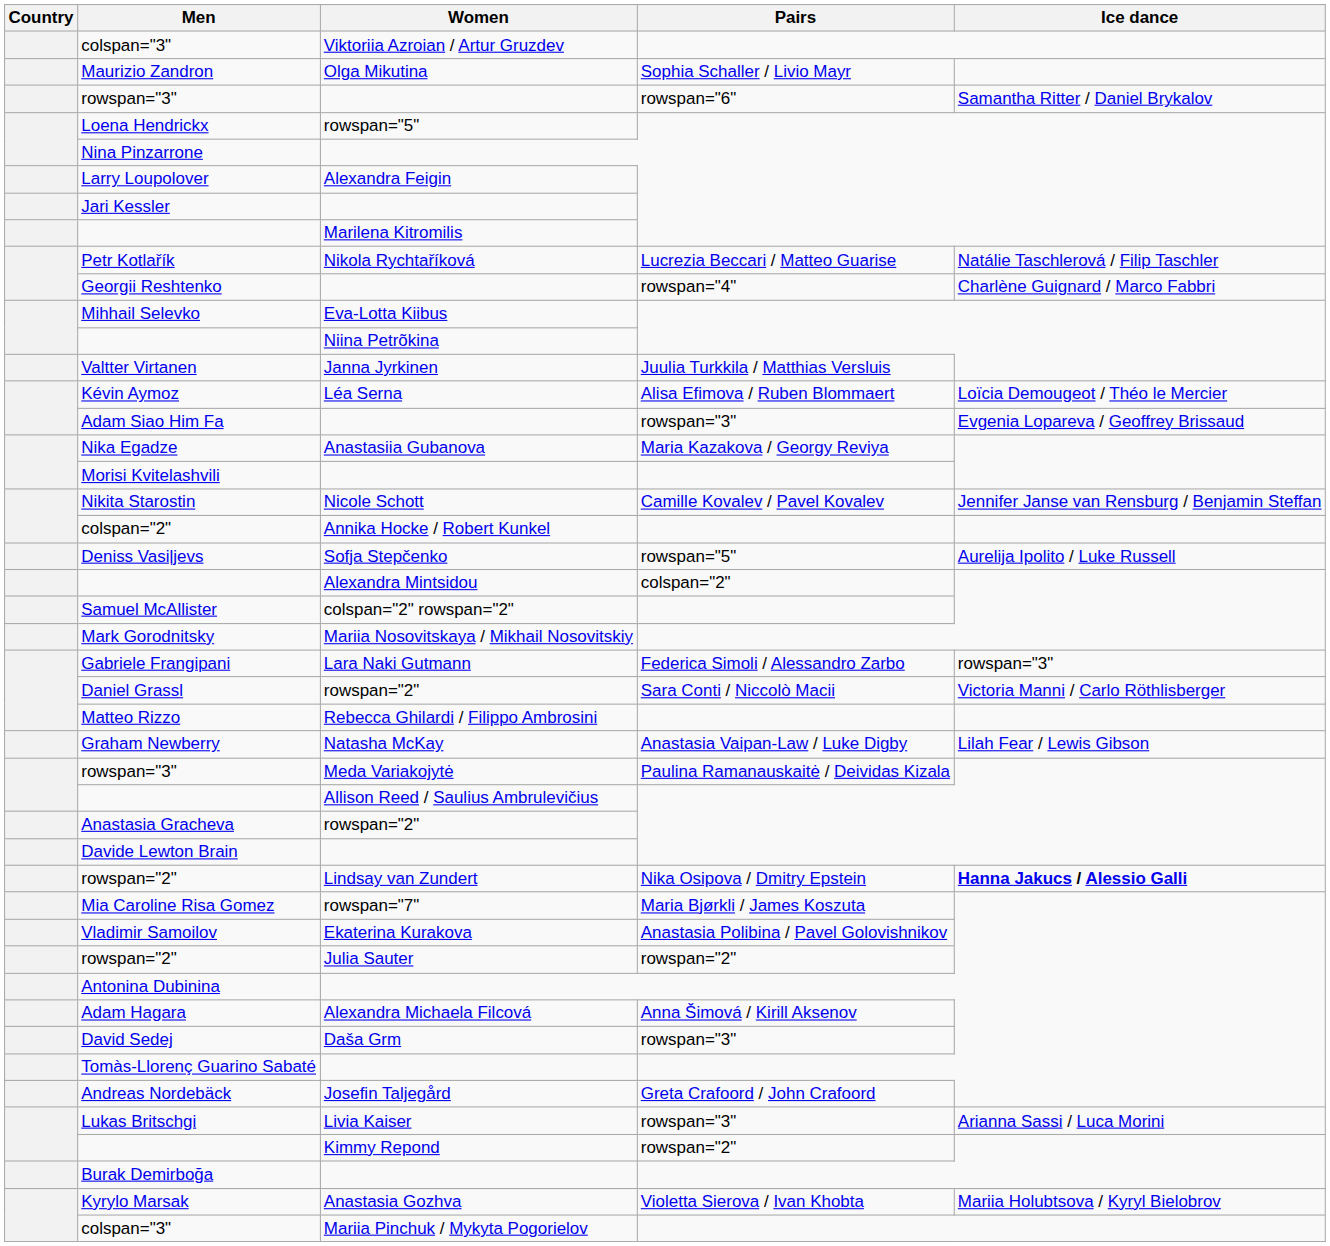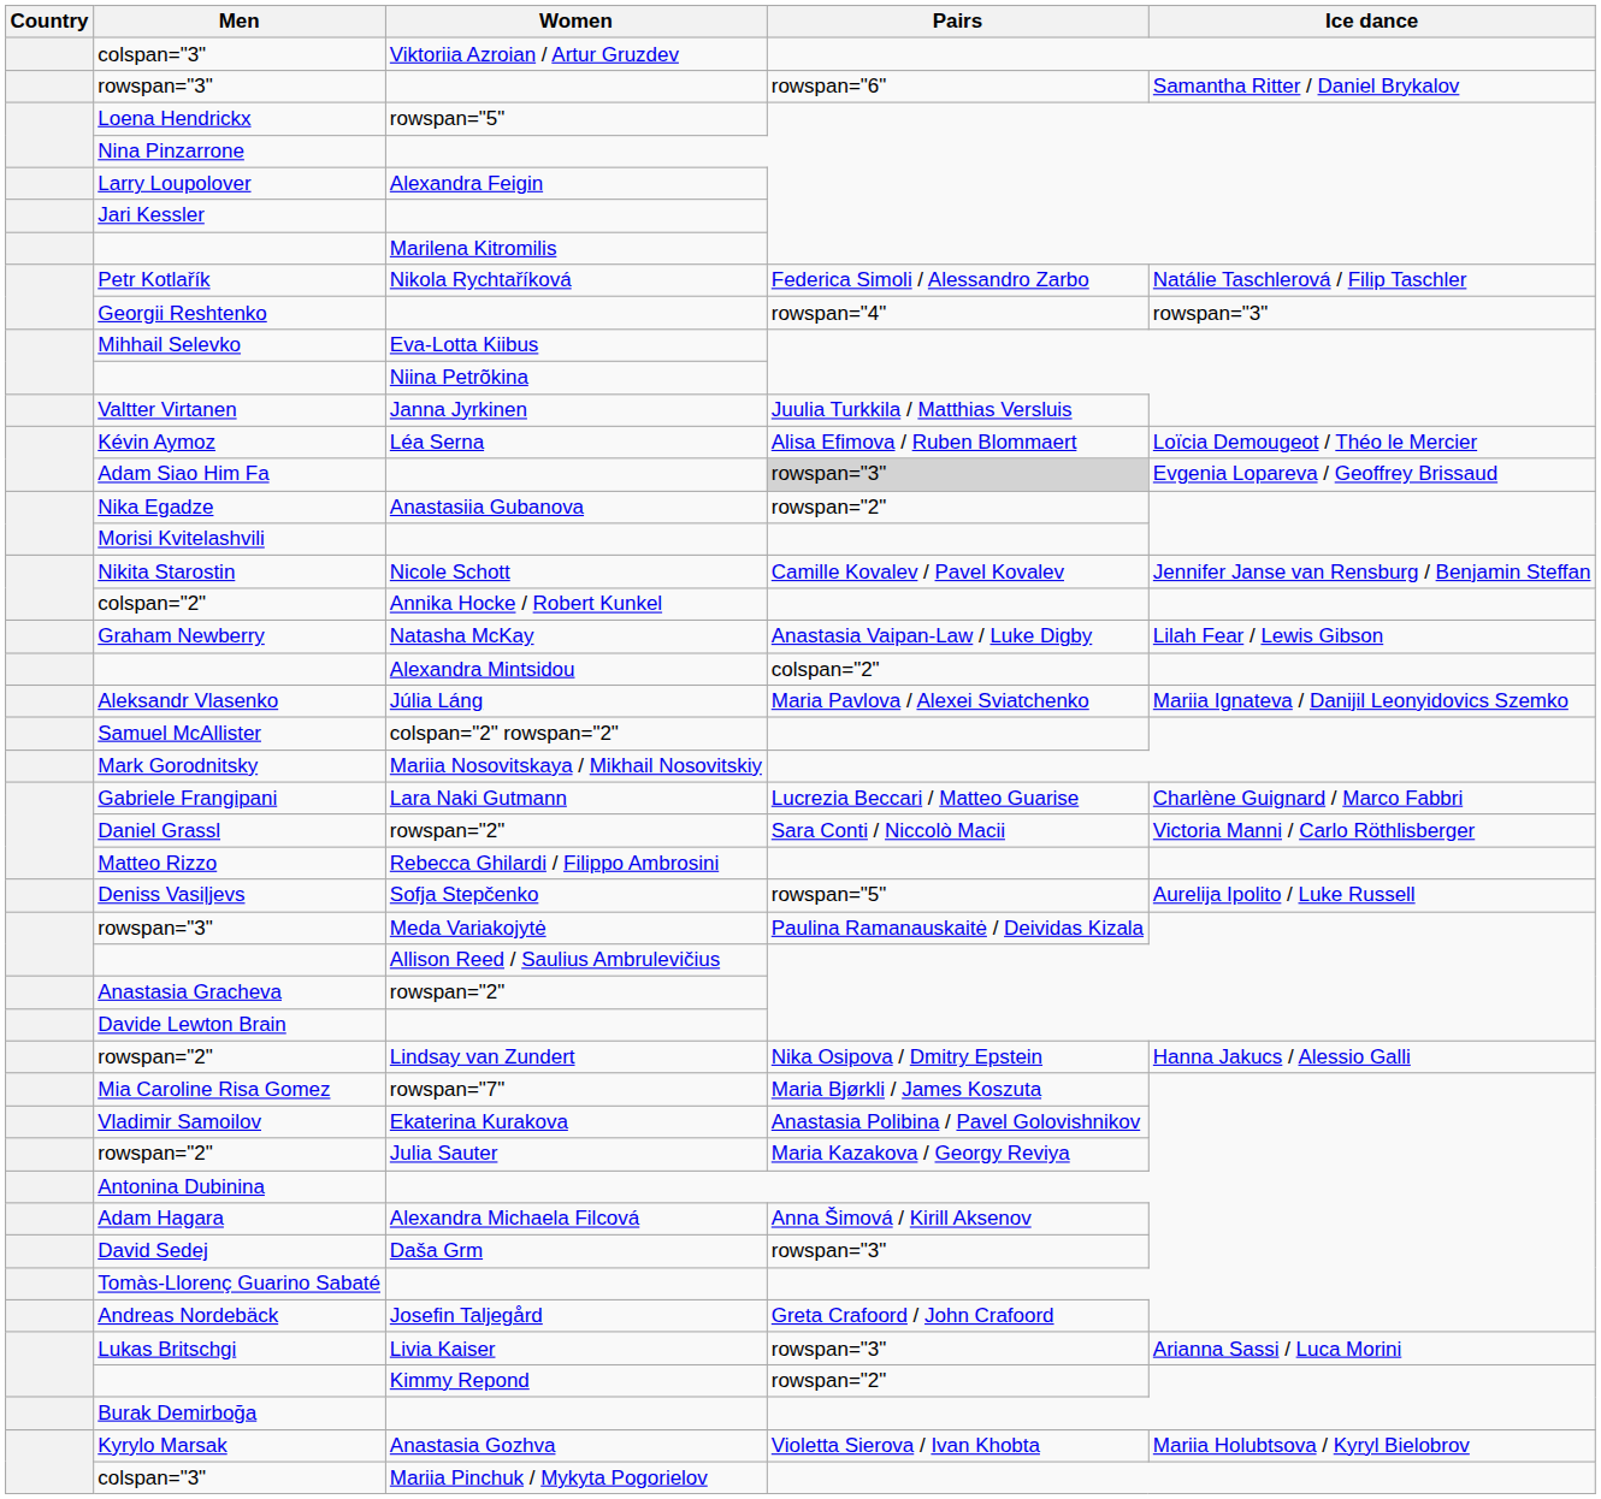 <table class="wikitable sortable" style="text-align:left">
 <tr>
 <th scope="col">Country</th>
 <th scope="col">Men</th>
 <th scope="col">Women</th>
 <th scope="col">Pairs</th>
 <th scope="col">Ice dance</th>
 </tr>
 <tr>
 <th scope="row" style="text-align:left"></th>
 <td>colspan="3" </td>
 <td><a href='#'>Viktoriia Azroian</a> / <a href='#'>Artur Gruzdev</a></td>
-</tr>
-<tr>
-<th scope="row" style="text-align:left"></th>
-<td><a href='#'>Maurizio Zandron</a></td>
-<td><a href='#'>Olga Mikutina</a></td>
-<td><a href='#'>Sophia Schaller</a> / <a href='#'>Livio Mayr</a></td>
-<td></td>
 </tr>
 <tr>
 <th scope="row" style="text-align:left"></th>
 <td>rowspan="3" </td>
 <td></td>
 <td>rowspan="6" </td>
 <td><a href='#'>Samantha Ritter</a> / <a href='#'>Daniel Brykalov</a></td>
 </tr>
 <tr>
 <th rowspan="2" scope="row" style="text-align:left"></th>
 <td><a href='#'>Loena Hendrickx</a></td>
 <td>rowspan="5" </td>
 </tr>
 <tr>
 <td><a href='#'>Nina Pinzarrone</a></td>
 </tr>
 <tr>
 <th scope="row" style="text-align:left"></th>
 <td><a href='#'>Larry Loupolover</a></td>
 <td><a href='#'>Alexandra Feigin</a></td>
 </tr>
 <tr>
 <th scope="row" style="text-align:left"></th>
 <td><a href='#'>Jari Kessler</a></td>
 <td></td>
 </tr>
 <tr>
 <th scope="row" style="text-align:left"></th>
 <td></td>
 <td><a href='#'>Marilena Kitromilis</a></td>
 </tr>
 <tr>
 <th rowspan="2" scope="row" style="text-align:left"></th>
 <td><a href='#'>Petr Kotlařík</a></td>
 <td><a href='#'>Nikola Rychtaříková</a></td>
-<td><a href='#'>Lucrezia Beccari</a> / <a href='#'>Matteo Guarise</a></td>
+<td><a href='#'>Federica Simoli</a> / <a href='#'>Alessandro Zarbo</a></td>
 <td><a href='#'>Natálie Taschlerová</a> / <a href='#'>Filip Taschler</a></td>
 </tr>
 <tr>
 <td><a href='#'>Georgii Reshtenko</a></td>
 <td></td>
 <td>rowspan="4" </td>
-<td><a href='#'>Charlène Guignard</a> / <a href='#'>Marco Fabbri</a></td>
+<td>rowspan="3" </td>
 </tr>
 <tr>
 <th rowspan="2" scope="row" style="text-align:left"></th>
 <td><a href='#'>Mihhail Selevko</a></td>
 <td><a href='#'>Eva-Lotta Kiibus</a></td>
 </tr>
 <tr>
 <td></td>
 <td><a href='#'>Niina Petrõkina</a></td>
 </tr>
 <tr>
 <th scope="row" style="text-align:left"></th>
 <td><a href='#'>Valtter Virtanen</a></td>
 <td><a href='#'>Janna Jyrkinen</a></td>
 <td><a href='#'>Juulia Turkkila</a> / <a href='#'>Matthias Versluis</a></td>
 </tr>
 <tr>
 <th rowspan="2" scope="row" style="text-align:left"></th>
 <td><a href='#'>Kévin Aymoz</a></td>
 <td><a href='#'>Léa Serna</a></td>
 <td><a href='#'>Alisa Efimova</a> / <a href='#'>Ruben Blommaert</a></td>
 <td><a href='#'>Loïcia Demougeot</a> / <a href='#'>Théo le Mercier</a></td>
 </tr>
 <tr>
 <td><a href='#'>Adam Siao Him Fa</a></td>
 <td></td>
-<td>rowspan="3" </td>
+<td style="background: lightgrey;">rowspan="3" </td>
 <td><a href='#'>Evgenia Lopareva</a> / <a href='#'>Geoffrey Brissaud</a></td>
 </tr>
 <tr>
 <th rowspan="2" scope="row" style="text-align:left"></th>
 <td><a href='#'>Nika Egadze</a></td>
 <td><a href='#'>Anastasiia Gubanova</a></td>
-<td><a href='#'>Maria Kazakova</a> / <a href='#'>Georgy Reviya</a></td>
+<td>rowspan="2" </td>
 </tr>
 <tr>
 <td><a href='#'>Morisi Kvitelashvili</a></td>
 <td></td>
 <td></td>
 </tr>
 <tr>
 <th rowspan="2" scope="row" style="text-align:left"></th>
 <td><a href='#'>Nikita Starostin</a></td>
 <td><a href='#'>Nicole Schott</a></td>
 <td><a href='#'>Camille Kovalev</a> / <a href='#'>Pavel Kovalev</a></td>
 <td><a href='#'>Jennifer Janse van Rensburg</a> / <a href='#'>Benjamin Steffan</a></td>
 </tr>
 <tr>
 <td>colspan="2" </td>
 <td><a href='#'>Annika Hocke</a> / <a href='#'>Robert Kunkel</a></td>
 <td></td>
 </tr>
 <tr>
 <th scope="row" style="text-align:left"></th>
-<td><a href='#'>Deniss Vasiļjevs</a></td>
-<td><a href='#'>Sofja Stepčenko</a></td>
-<td>rowspan="5" </td>
-<td><a href='#'>Aurelija Ipolito</a> / <a href='#'>Luke Russell</a></td>
+<td><a href='#'>Graham Newberry</a></td>
+<td><a href='#'>Natasha McKay</a></td>
+<td><a href='#'>Anastasia Vaipan-Law</a> / <a href='#'>Luke Digby</a></td>
+<td><a href='#'>Lilah Fear</a> / <a href='#'>Lewis Gibson</a></td>
 </tr>
 <tr>
 <th scope="row" style="text-align:left"></th>
 <td></td>
 <td><a href='#'>Alexandra Mintsidou</a></td>
 <td>colspan="2" </td>
+</tr>
+<tr>
+<th scope="row" style="text-align:left"></th>
+<td><a href='#'>Aleksandr Vlasenko</a></td>
+<td><a href='#'>Júlia Láng</a></td>
+<td><a href='#'>Maria Pavlova</a> / <a href='#'>Alexei Sviatchenko</a></td>
+<td><a href='#'>Mariia Ignateva</a> / <a href='#'>Danijil Leonyidovics Szemko</a></td>
 </tr>
 <tr>
 <th scope="row" style="text-align:left"></th>
 <td><a href='#'>Samuel McAllister</a></td>
 <td>colspan="2" rowspan="2" </td>
 <td></td>
 </tr>
 <tr>
 <th scope="row" style="text-align:left"></th>
 <td><a href='#'>Mark Gorodnitsky</a></td>
 <td><a href='#'>Mariia Nosovitskaya</a> / <a href='#'>Mikhail Nosovitskiy</a></td>
 </tr>
 <tr>
 <th rowspan="3" scope="row" style="text-align:left"></th>
 <td><a href='#'>Gabriele Frangipani</a></td>
 <td><a href='#'>Lara Naki Gutmann</a></td>
-<td><a href='#'>Federica Simoli</a> / <a href='#'>Alessandro Zarbo</a></td>
-<td>rowspan="3" </td>
+<td><a href='#'>Lucrezia Beccari</a> / <a href='#'>Matteo Guarise</a></td>
+<td><a href='#'>Charlène Guignard</a> / <a href='#'>Marco Fabbri</a></td>
 </tr>
 <tr>
 <td><a href='#'>Daniel Grassl</a></td>
 <td>rowspan="2" </td>
 <td><a href='#'>Sara Conti</a> / <a href='#'>Niccolò Macii</a></td>
 <td><a href='#'>Victoria Manni</a> / <a href='#'>Carlo Röthlisberger</a></td>
 </tr>
 <tr>
 <td><a href='#'>Matteo Rizzo</a></td>
 <td><a href='#'>Rebecca Ghilardi</a> / <a href='#'>Filippo Ambrosini</a></td>
 <td></td>
 </tr>
 <tr>
 <th scope="row" style="text-align:left"></th>
-<td><a href='#'>Graham Newberry</a></td>
-<td><a href='#'>Natasha McKay</a></td>
-<td><a href='#'>Anastasia Vaipan-Law</a> / <a href='#'>Luke Digby</a></td>
-<td><a href='#'>Lilah Fear</a> / <a href='#'>Lewis Gibson</a></td>
+<td><a href='#'>Deniss Vasiļjevs</a></td>
+<td><a href='#'>Sofja Stepčenko</a></td>
+<td>rowspan="5" </td>
+<td><a href='#'>Aurelija Ipolito</a> / <a href='#'>Luke Russell</a></td>
 </tr>
 <tr>
 <th rowspan="2" scope="row" style="text-align:left"></th>
 <td>rowspan="3" </td>
 <td><a href='#'>Meda Variakojytė</a></td>
 <td><a href='#'>Paulina Ramanauskaitė</a> / <a href='#'>Deividas Kizala</a></td>
 </tr>
 <tr>
 <td></td>
 <td><a href='#'>Allison Reed</a> / <a href='#'>Saulius Ambrulevičius</a></td>
 </tr>
 <tr>
 <th scope="row" style="text-align:left"></th>
 <td><a href='#'>Anastasia Gracheva</a></td>
 <td>rowspan="2" </td>
 </tr>
 <tr>
 <th scope="row" style="text-align:left"></th>
 <td><a href='#'>Davide Lewton Brain</a></td>
 <td></td>
 </tr>
 <tr>
 <th scope="row" style="text-align:left"></th>
 <td>rowspan="2" </td>
 <td><a href='#'>Lindsay van Zundert</a></td>
 <td><a href='#'>Nika Osipova</a> / <a href='#'>Dmitry Epstein</a></td>
-<td><strong><a href='#'>Hanna Jakucs</a> / <a href='#'>Alessio Galli</a></strong></td>
+<td><a href='#'>Hanna Jakucs</a> / <a href='#'>Alessio Galli</a></td>
 </tr>
 <tr>
 <th scope="row" style="text-align:left"></th>
 <td><a href='#'>Mia Caroline Risa Gomez</a></td>
 <td>rowspan="7" </td>
 <td><a href='#'>Maria Bjørkli</a> / <a href='#'>James Koszuta</a></td>
 </tr>
 <tr>
 <th scope="row" style="text-align:left"></th>
 <td><a href='#'>Vladimir Samoilov</a></td>
 <td><a href='#'>Ekaterina Kurakova</a></td>
 <td><a href='#'>Anastasia Polibina</a> / <a href='#'>Pavel Golovishnikov</a></td>
 </tr>
 <tr>
 <th scope="row" style="text-align:left"></th>
 <td>rowspan="2" </td>
 <td><a href='#'>Julia Sauter</a></td>
-<td>rowspan="2" </td>
+<td><a href='#'>Maria Kazakova</a> / <a href='#'>Georgy Reviya</a></td>
 </tr>
 <tr>
 <th scope="row" style="text-align:left"></th>
 <td><a href='#'>Antonina Dubinina</a></td>
 </tr>
 <tr>
 <th scope="row" style="text-align:left"></th>
 <td><a href='#'>Adam Hagara</a></td>
 <td><a href='#'>Alexandra Michaela Filcová</a></td>
 <td><a href='#'>Anna Šimová</a> / <a href='#'>Kirill Aksenov</a></td>
 </tr>
 <tr>
 <th scope="row" style="text-align:left"></th>
 <td><a href='#'>David Sedej</a></td>
 <td><a href='#'>Daša Grm</a></td>
 <td>rowspan="3" </td>
 </tr>
 <tr>
 <th scope="row" style="text-align:left"></th>
 <td><a href='#'>Tomàs-Llorenç Guarino Sabaté</a></td>
 <td></td>
 </tr>
 <tr>
 <th scope="row" style="text-align:left"></th>
 <td><a href='#'>Andreas Nordebäck</a></td>
 <td><a href='#'>Josefin Taljegård</a></td>
 <td><a href='#'>Greta Crafoord</a> / <a href='#'>John Crafoord</a></td>
 </tr>
 <tr>
 <th rowspan="2" scope="row" style="text-align:left"></th>
 <td><a href='#'>Lukas Britschgi</a></td>
 <td><a href='#'>Livia Kaiser</a></td>
 <td>rowspan="3" </td>
 <td><a href='#'>Arianna Sassi</a> / <a href='#'>Luca Morini</a></td>
 </tr>
 <tr>
 <td></td>
 <td><a href='#'>Kimmy Repond</a></td>
 <td>rowspan="2" </td>
 </tr>
 <tr>
 <th scope="row" style="text-align:left"></th>
 <td valign="top"><a href='#'>Burak Demirboğa</a></td>
 <td></td>
 </tr>
 <tr>
 <th rowspan="2" scope="row" style="text-align:left"></th>
 <td><a href='#'>Kyrylo Marsak</a></td>
 <td><a href='#'>Anastasia Gozhva</a></td>
 <td><a href='#'>Violetta Sierova</a> / <a href='#'>Ivan Khobta</a></td>
 <td><a href='#'>Mariia Holubtsova</a> / <a href='#'>Kyryl Bielobrov</a></td>
 </tr>
 <tr>
 <td>colspan="3" </td>
 <td><a href='#'>Mariia Pinchuk</a> / <a href='#'>Mykyta Pogorielov</a></td>
 </tr>
 </table>
